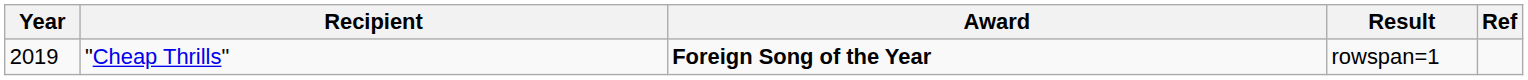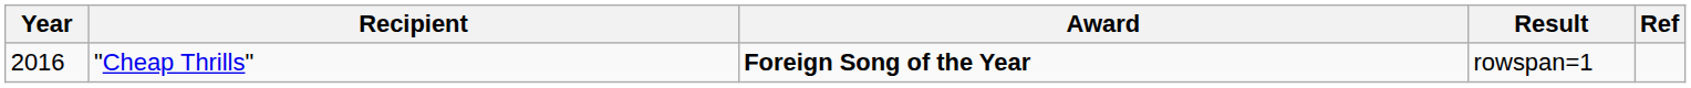 <table class="wikitable" style="width:70%;">
 <tr>
 <th width=5%>Year</th>
 <th style="width:40%;">Recipient</th>
 <th style="width:45%;">Award</th>
 <th style="width:10%;">Result</th>
 <th>Ref</th>
 </tr>
 <tr>
-<td>2019</td>
+<td>2016</td>
 <td>"<a href='#'>Cheap Thrills</a>"</td>
 <td><strong>Foreign Song of the Year</strong></td>
 <td>rowspan=1 </td>
 <td></td>
 </tr>
 </table>
